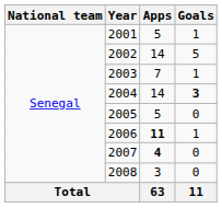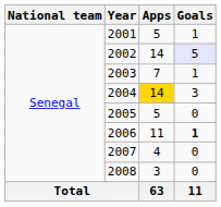 <table class="wikitable" style="text-align:center">
 <tr>
 <th>National team</th>
 <th>Year</th>
 <th>Apps</th>
 <th>Goals</th>
 </tr>
 <tr>
 <td rowspan="8"><a href='#'>Senegal</a></td>
 <td>2001</td>
 <td>5</td>
 <td>1</td>
 </tr>
 <tr>
 <td>2002</td>
 <td>14</td>
-<td>5</td>
+<td style="background: lavender;">5</td>
 </tr>
 <tr>
 <td>2003</td>
 <td>7</td>
 <td>1</td>
 </tr>
 <tr>
 <td>2004</td>
-<td>14</td>
-<td><strong>3</strong></td>
+<td style="background: gold;">14</td>
+<td>3</td>
 </tr>
 <tr>
 <td>2005</td>
 <td>5</td>
 <td>0</td>
 </tr>
 <tr>
 <td>2006</td>
-<td><strong>11</strong></td>
-<td>1</td>
+<td>11</td>
+<td><strong>1</strong></td>
 </tr>
 <tr>
 <td>2007</td>
-<td><strong>4</strong></td>
+<td>4</td>
 <td>0</td>
 </tr>
 <tr>
 <td>2008</td>
 <td>3</td>
 <td>0</td>
 </tr>
 <tr>
 <th colspan="2">Total</th>
 <th>63</th>
 <th>11</th>
 </tr>
 </table>
